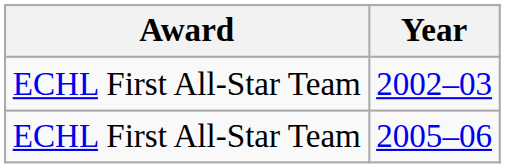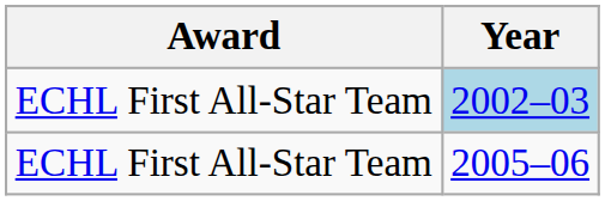 <table class="wikitable">
 <tr>
 <th>Award</th>
 <th>Year</th>
 </tr>
 <tr>
 <td><a href='#'>ECHL</a> First All-Star Team</td>
-<td><a href='#'>2002–03</a></td>
+<td style="background: lightblue;"><a href='#'>2002–03</a></td>
 </tr>
 <tr>
 <td><a href='#'>ECHL</a> First All-Star Team</td>
 <td><a href='#'>2005–06</a></td>
 </tr>
 </table>
